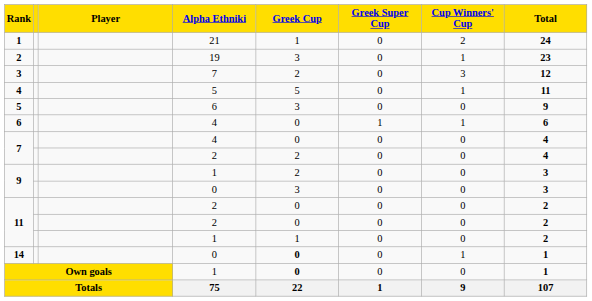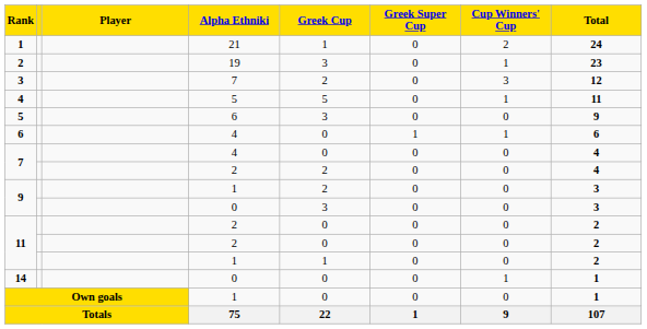 <table class="wikitable sortable" style="text-align: center">
 <tr>
 <th style="background:#FFDE00">Rank</th>
 <th style="background:#FFDE00"></th>
 <th width=200 style="background:#FFDE00">Player</th>
 <th width=120 style="background:#FFDE00"><a href='#'>Alpha Ethniki</a></th>
 <th width=120 style="background:#FFDE00"><a href='#'>Greek Cup</a></th>
 <th width=120 style="background:#FFDE00"><a href='#'>Greek Super Cup</a></th>
 <th width=120 style="background:#FFDE00"><a href='#'>Cup Winners' Cup</a></th>
 <th width=120 style="background:#FFDE00">Total</th>
 </tr>
 <tr>
 <td><strong>1</strong></td>
 <td></td>
 <td align=left></td>
 <td>21</td>
 <td>1</td>
 <td>0</td>
 <td>2</td>
 <td><strong>24</strong></td>
 </tr>
 <tr>
 <td><strong>2</strong></td>
 <td></td>
 <td align=left></td>
 <td>19</td>
 <td>3</td>
 <td>0</td>
 <td>1</td>
 <td><strong>23</strong></td>
 </tr>
 <tr>
 <td><strong>3</strong></td>
 <td></td>
 <td align=left></td>
 <td>7</td>
 <td>2</td>
 <td>0</td>
 <td>3</td>
 <td><strong>12</strong></td>
 </tr>
 <tr>
 <td><strong>4</strong></td>
 <td></td>
 <td align=left></td>
 <td>5</td>
 <td>5</td>
 <td>0</td>
 <td>1</td>
 <td><strong>11</strong></td>
 </tr>
 <tr>
 <td><strong>5</strong></td>
 <td></td>
 <td align=left></td>
 <td>6</td>
 <td>3</td>
 <td>0</td>
 <td>0</td>
 <td><strong>9</strong></td>
 </tr>
 <tr>
 <td><strong>6</strong></td>
 <td></td>
 <td align=left></td>
 <td>4</td>
 <td>0</td>
 <td>1</td>
 <td>1</td>
 <td><strong>6</strong></td>
 </tr>
 <tr>
 <td rowspan=2><strong>7</strong></td>
 <td></td>
 <td align=left></td>
 <td>4</td>
 <td>0</td>
 <td>0</td>
 <td>0</td>
 <td><strong>4</strong></td>
 </tr>
 <tr>
 <td></td>
 <td align=left></td>
 <td>2</td>
 <td>2</td>
 <td>0</td>
 <td>0</td>
 <td><strong>4</strong></td>
 </tr>
 <tr>
 <td rowspan=2><strong>9</strong></td>
 <td></td>
 <td align=left></td>
 <td>1</td>
 <td>2</td>
 <td>0</td>
 <td>0</td>
 <td><strong>3</strong></td>
 </tr>
 <tr>
 <td></td>
 <td align=left></td>
 <td>0</td>
 <td>3</td>
 <td>0</td>
 <td>0</td>
 <td><strong>3</strong></td>
 </tr>
 <tr>
 <td rowspan=3><strong>11</strong></td>
 <td></td>
 <td align=left></td>
 <td>2</td>
 <td>0</td>
 <td>0</td>
 <td>0</td>
 <td><strong>2</strong></td>
 </tr>
 <tr>
 <td></td>
 <td align=left></td>
 <td>2</td>
 <td>0</td>
 <td>0</td>
 <td>0</td>
 <td><strong>2</strong></td>
 </tr>
 <tr>
 <td></td>
 <td align=left></td>
 <td>1</td>
 <td>1</td>
 <td>0</td>
 <td>0</td>
 <td><strong>2</strong></td>
 </tr>
 <tr>
 <td><strong>14</strong></td>
 <td></td>
 <td align=left></td>
 <td>0</td>
-<td><strong>0</strong></td>
+<td>0</td>
 <td>0</td>
 <td>1</td>
 <td><strong>1</strong></td>
 </tr>
 <tr class="sortbottom">
 <td colspan=3 style="background:#FFDE00"><strong>Own goals</strong></td>
 <td>1</td>
-<td><strong>0</strong></td>
+<td>0</td>
 <td>0</td>
 <td>0</td>
 <td><strong>1</strong></td>
 </tr>
 <tr class="sortbottom">
 <th colspan=3 style="background:#FFDE00"><strong>Totals</strong></th>
 <th><strong> 75</strong></th>
 <th><strong> 22</strong></th>
 <th><strong>  1</strong></th>
 <th><strong>  9</strong></th>
 <th><strong>107 </strong></th>
 </tr>
 </table>
